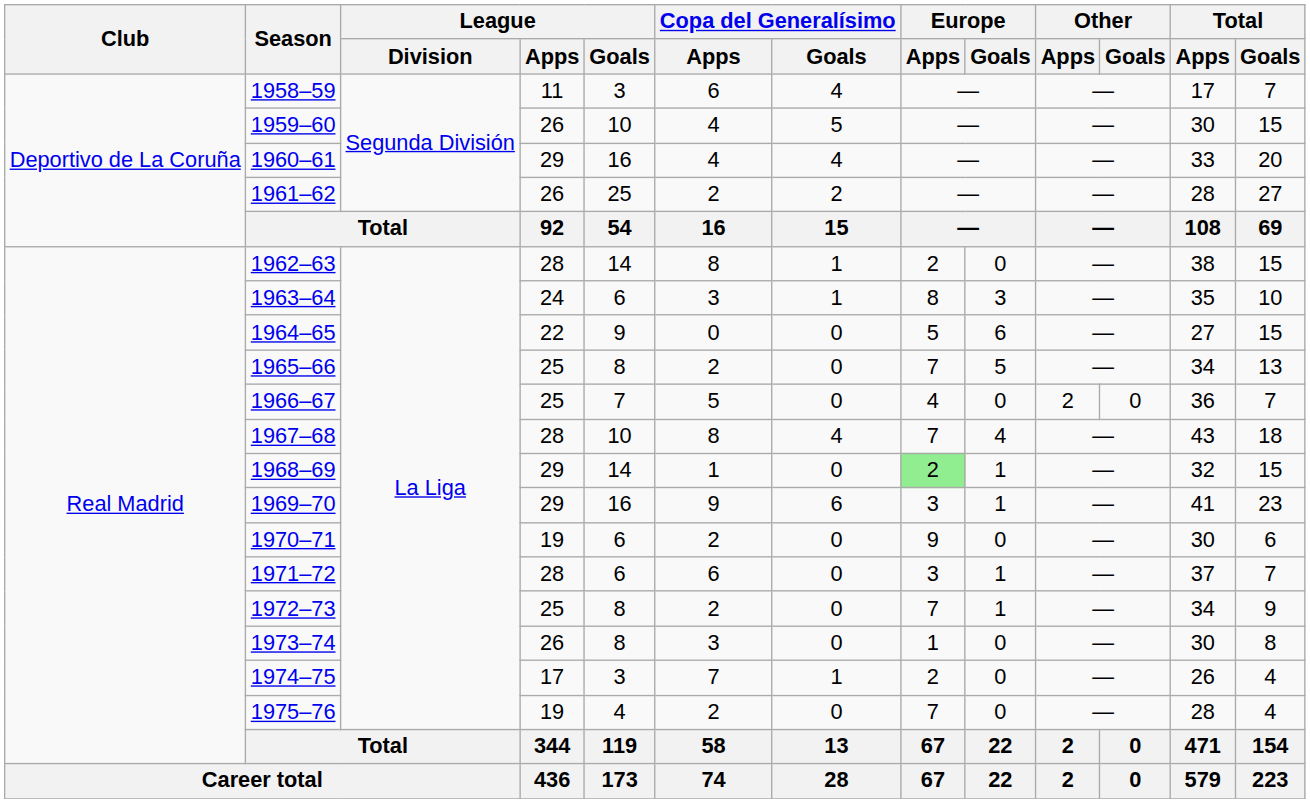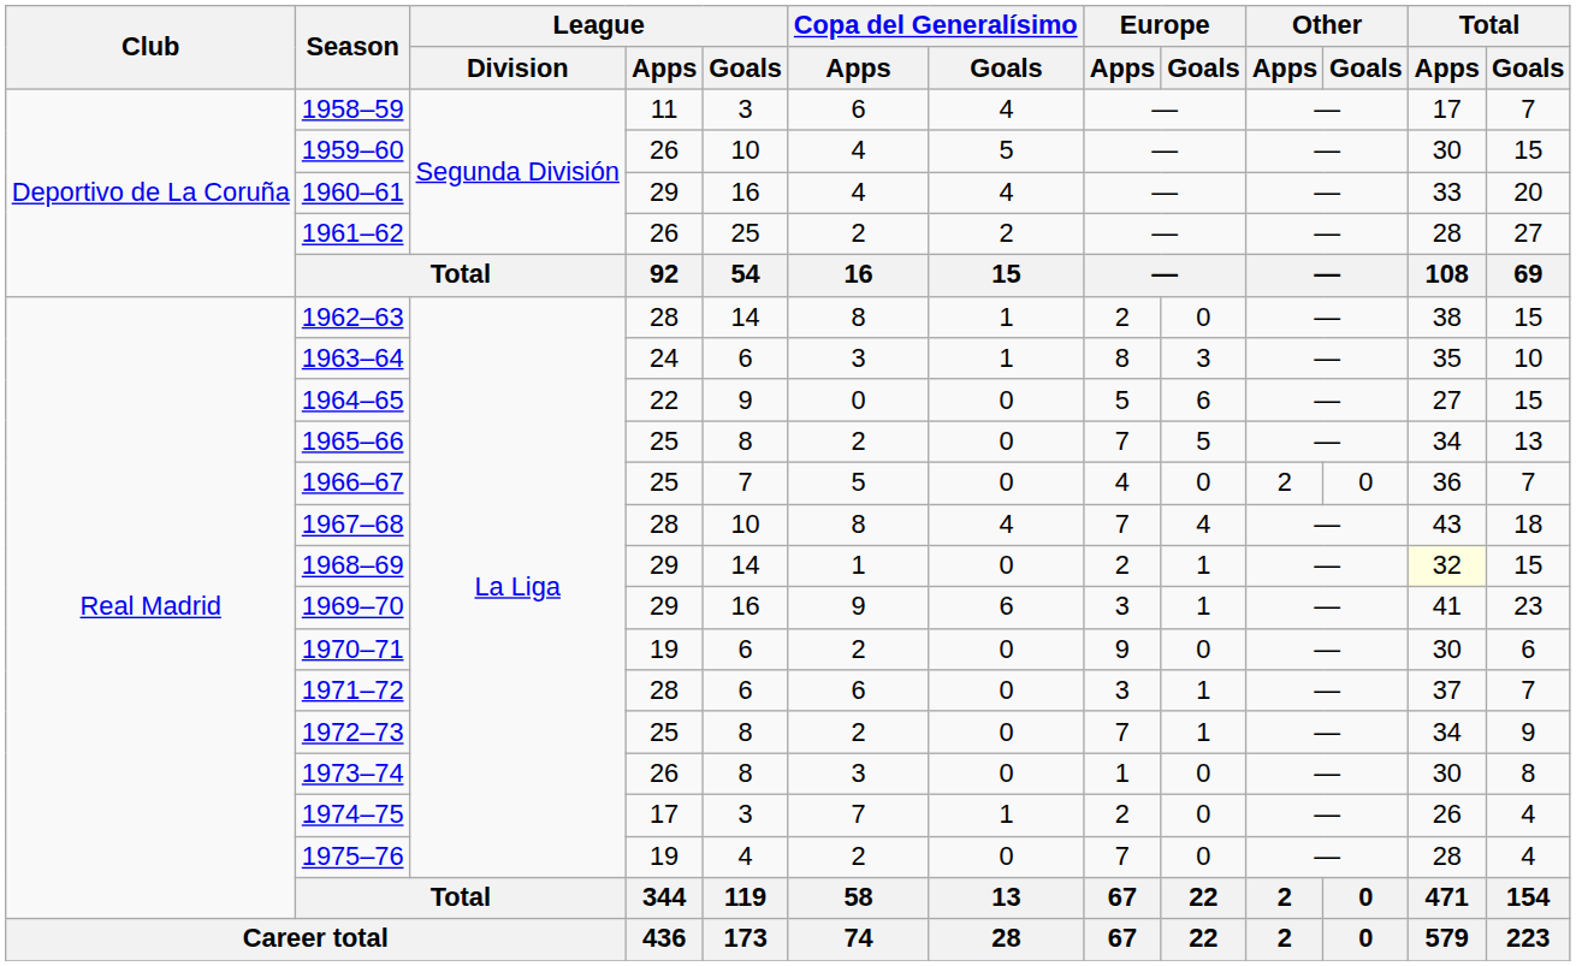 <table class="wikitable" style="text-align:center">
 <tr>
 <th rowspan="2">Club</th>
 <th rowspan="2">Season</th>
 <th colspan="3">League</th>
 <th colspan="2"><a href='#'>Copa del Generalísimo</a></th>
 <th colspan="2">Europe</th>
 <th colspan="2">Other</th>
 <th colspan="2">Total</th>
 </tr>
 <tr>
 <th>Division</th>
 <th>Apps</th>
 <th>Goals</th>
 <th>Apps</th>
 <th>Goals</th>
 <th>Apps</th>
 <th>Goals</th>
 <th>Apps</th>
 <th>Goals</th>
 <th>Apps</th>
 <th>Goals</th>
 </tr>
 <tr>
 <td rowspan="5"><a href='#'>Deportivo de La Coruña</a></td>
 <td><a href='#'>1958–59</a></td>
 <td rowspan="4"><a href='#'>Segunda División</a></td>
 <td>11</td>
 <td>3</td>
 <td>6</td>
 <td>4</td>
 <td colspan=2>—</td>
 <td colspan=2>—</td>
 <td>17</td>
 <td>7</td>
 </tr>
 <tr>
 <td><a href='#'>1959–60</a></td>
 <td>26</td>
 <td>10</td>
 <td>4</td>
 <td>5</td>
 <td colspan=2>—</td>
 <td colspan=2>—</td>
 <td>30</td>
 <td>15</td>
 </tr>
 <tr>
 <td><a href='#'>1960–61</a></td>
 <td>29</td>
 <td>16</td>
 <td>4</td>
 <td>4</td>
 <td colspan=2>—</td>
 <td colspan=2>—</td>
 <td>33</td>
 <td>20</td>
 </tr>
 <tr>
 <td><a href='#'>1961–62</a></td>
 <td>26</td>
 <td>25</td>
 <td>2</td>
 <td>2</td>
 <td colspan=2>—</td>
 <td colspan=2>—</td>
 <td>28</td>
 <td>27</td>
 </tr>
 <tr>
 <th colspan="2">Total</th>
 <th>92</th>
 <th>54</th>
 <th>16</th>
 <th>15</th>
 <th colspan="2">—</th>
 <th colspan="2">—</th>
 <th>108</th>
 <th>69</th>
 </tr>
 <tr>
 <td rowspan="15"><a href='#'>Real Madrid</a></td>
 <td><a href='#'>1962–63</a></td>
 <td rowspan="14"><a href='#'>La Liga</a></td>
 <td>28</td>
 <td>14</td>
 <td>8</td>
 <td>1</td>
 <td>2</td>
 <td>0</td>
 <td colspan=2>—</td>
 <td>38</td>
 <td>15</td>
 </tr>
 <tr>
 <td><a href='#'>1963–64</a></td>
 <td>24</td>
 <td>6</td>
 <td>3</td>
 <td>1</td>
 <td>8</td>
 <td>3</td>
 <td colspan=2>—</td>
 <td>35</td>
 <td>10</td>
 </tr>
 <tr>
 <td><a href='#'>1964–65</a></td>
 <td>22</td>
 <td>9</td>
 <td>0</td>
 <td>0</td>
 <td>5</td>
 <td>6</td>
 <td colspan=2>—</td>
 <td>27</td>
 <td>15</td>
 </tr>
 <tr>
 <td><a href='#'>1965–66</a></td>
 <td>25</td>
 <td>8</td>
 <td>2</td>
 <td>0</td>
 <td>7</td>
 <td>5</td>
 <td colspan=2>—</td>
 <td>34</td>
 <td>13</td>
 </tr>
 <tr>
 <td><a href='#'>1966–67</a></td>
 <td>25</td>
 <td>7</td>
 <td>5</td>
 <td>0</td>
 <td>4</td>
 <td>0</td>
 <td>2</td>
 <td>0</td>
 <td>36</td>
 <td>7</td>
 </tr>
 <tr>
 <td><a href='#'>1967–68</a></td>
 <td>28</td>
 <td>10</td>
 <td>8</td>
 <td>4</td>
 <td>7</td>
 <td>4</td>
 <td colspan=2>—</td>
 <td>43</td>
 <td>18</td>
 </tr>
 <tr>
 <td><a href='#'>1968–69</a></td>
 <td>29</td>
 <td>14</td>
 <td>1</td>
 <td>0</td>
-<td style="background: lightgreen;">2</td>
+<td>2</td>
 <td>1</td>
 <td colspan=2>—</td>
-<td>32</td>
+<td style="background: lightyellow;">32</td>
 <td>15</td>
 </tr>
 <tr>
 <td><a href='#'>1969–70</a></td>
 <td>29</td>
 <td>16</td>
 <td>9</td>
 <td>6</td>
 <td>3</td>
 <td>1</td>
 <td colspan=2>—</td>
 <td>41</td>
 <td>23</td>
 </tr>
 <tr>
 <td><a href='#'>1970–71</a></td>
 <td>19</td>
 <td>6</td>
 <td>2</td>
 <td>0</td>
 <td>9</td>
 <td>0</td>
 <td colspan=2>—</td>
 <td>30</td>
 <td>6</td>
 </tr>
 <tr>
 <td><a href='#'>1971–72</a></td>
 <td>28</td>
 <td>6</td>
 <td>6</td>
 <td>0</td>
 <td>3</td>
 <td>1</td>
 <td colspan=2>—</td>
 <td>37</td>
 <td>7</td>
 </tr>
 <tr>
 <td><a href='#'>1972–73</a></td>
 <td>25</td>
 <td>8</td>
 <td>2</td>
 <td>0</td>
 <td>7</td>
 <td>1</td>
 <td colspan=2>—</td>
 <td>34</td>
 <td>9</td>
 </tr>
 <tr>
 <td><a href='#'>1973–74</a></td>
 <td>26</td>
 <td>8</td>
 <td>3</td>
 <td>0</td>
 <td>1</td>
 <td>0</td>
 <td colspan=2>—</td>
 <td>30</td>
 <td>8</td>
 </tr>
 <tr>
 <td><a href='#'>1974–75</a></td>
 <td>17</td>
 <td>3</td>
 <td>7</td>
 <td>1</td>
 <td>2</td>
 <td>0</td>
 <td colspan=2>—</td>
 <td>26</td>
 <td>4</td>
 </tr>
 <tr>
 <td><a href='#'>1975–76</a></td>
 <td>19</td>
 <td>4</td>
 <td>2</td>
 <td>0</td>
 <td>7</td>
 <td>0</td>
 <td colspan=2>—</td>
 <td>28</td>
 <td>4</td>
 </tr>
 <tr>
 <th colspan="2">Total</th>
 <th>344</th>
 <th>119</th>
 <th>58</th>
 <th>13</th>
 <th>67</th>
 <th>22</th>
 <th>2</th>
 <th>0</th>
 <th>471</th>
 <th>154</th>
 </tr>
 <tr>
 <th colspan="3">Career total</th>
 <th>436</th>
 <th>173</th>
 <th>74</th>
 <th>28</th>
 <th>67</th>
 <th>22</th>
 <th>2</th>
 <th>0</th>
 <th>579</th>
 <th>223</th>
 </tr>
 </table>
